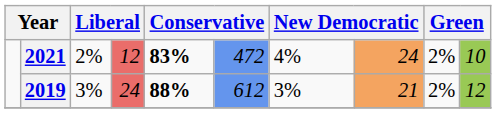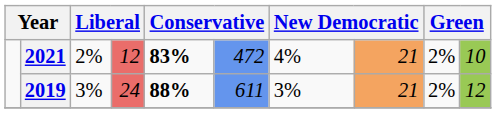 <table class="wikitable" style="float:right; width:400; font-size:90%; margin-left:1em;">
 <tr>
 <th colspan="2" scope="col">Year</th>
 <th colspan="2" scope="col"><a href='#'>Liberal</a></th>
 <th colspan="2" scope="col"><a href='#'>Conservative</a></th>
 <th colspan="2" scope="col"><a href='#'>New Democratic</a></th>
 <th colspan="2" scope="col"><a href='#'>Green</a></th>
 </tr>
 <tr>
 <td rowspan="2" style="width: 0.25em; background-color: "></td>
 <th><a href='#'>2021</a></th>
 <td>2%</td>
 <td style="text-align:right; background:#EA6D6A;"><em>12</em></td>
 <td><strong>83%</strong></td>
 <td style="text-align:right; background:#6495ED;"><em>472</em></td>
 <td>4%</td>
-<td style="text-align:right; background:#F4A460;"><em>24</em></td>
+<td style="text-align:right; background:#F4A460;"><em>21</em></td>
 <td>2%</td>
 <td style="text-align:right; background:#99C955;"><em>10</em></td>
 </tr>
 <tr>
 <th><a href='#'>2019</a></th>
 <td>3%</td>
 <td style="text-align:right; background:#EA6D6A;"><em>24</em></td>
 <td><strong>88%</strong></td>
-<td style="text-align:right; background:#6495ED;"><em>612</em></td>
+<td style="text-align:right; background:#6495ED;"><em>611</em></td>
 <td>3%</td>
 <td style="text-align:right; background:#F4A460;"><em>21</em></td>
 <td>2%</td>
 <td style="text-align:right; background:#99C955;"><em>12</em></td>
 </tr>
 <tr>
 </tr>
 </table>
